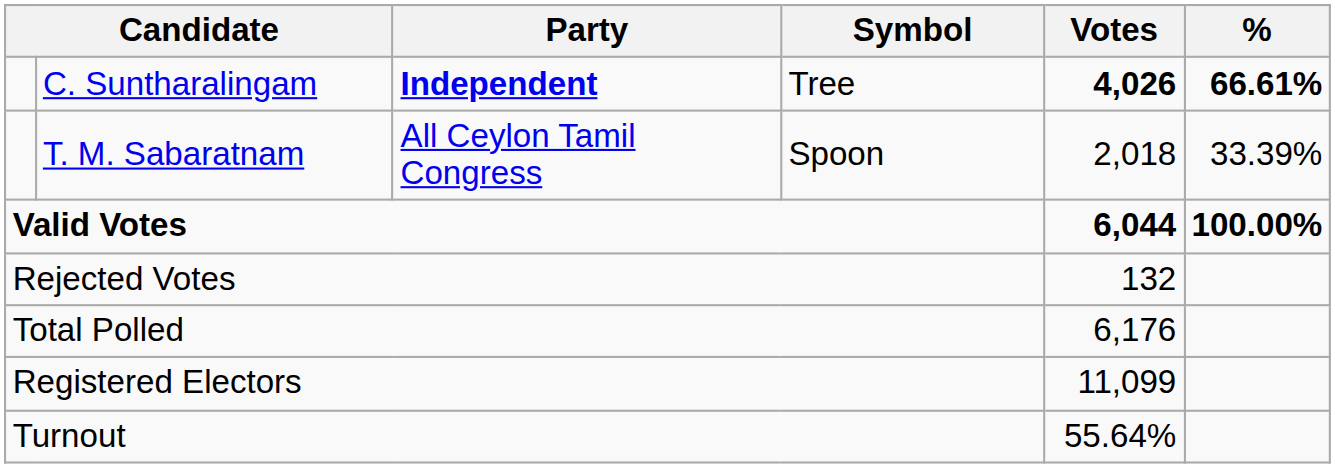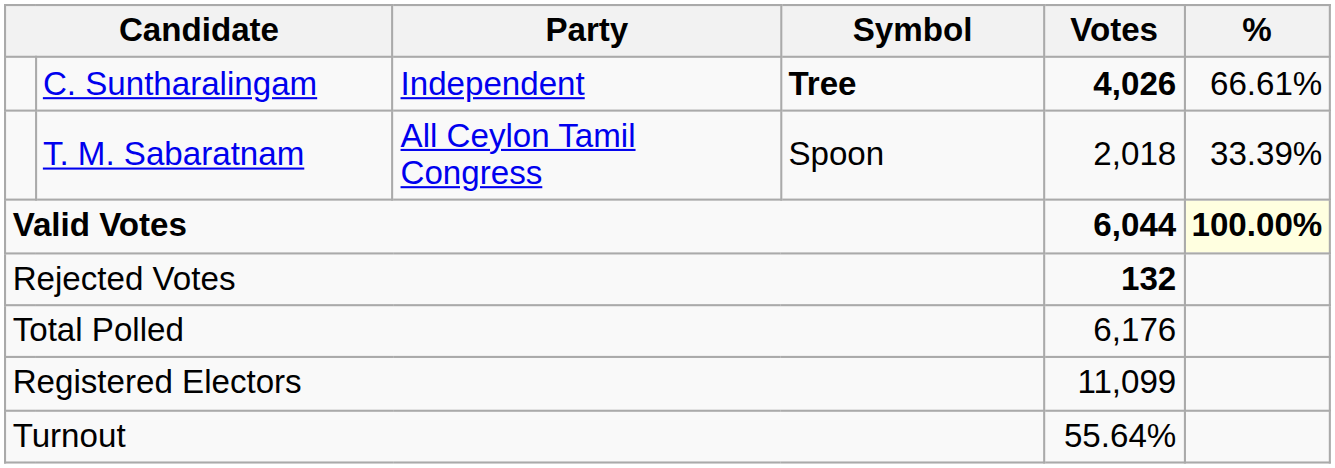 <table class="wikitable" border="1" style="text-align:right;">
 <tr>
 <th align=left colspan=2 width="180">Candidate</th>
 <th align=left width="180">Party</th>
 <th align=left width="120">Symbol</th>
 <th align=left width="60">Votes</th>
 <th align=left width="60">%</th>
 </tr>
 <tr>
 <td></td>
 <td align=left><a href='#'>C. Suntharalingam</a></td>
-<td align=left><strong><a href='#'>Independent</a></strong></td>
-<td align=left>Tree</td>
+<td align=left><a href='#'>Independent</a></td>
+<td align=left><strong>Tree</strong></td>
 <td><strong>4,026</strong></td>
-<td><strong>66.61%</strong></td>
+<td>66.61%</td>
 </tr>
 <tr>
 <td bgcolor=> </td>
 <td align=left><a href='#'>T. M. Sabaratnam</a></td>
 <td align=left><a href='#'>All Ceylon Tamil Congress</a></td>
 <td align=left>Spoon</td>
 <td>2,018</td>
 <td>33.39%</td>
 </tr>
 <tr>
 <td align=left colspan=4><strong>Valid Votes</strong></td>
 <td><strong>6,044</strong></td>
-<td><strong>100.00%</strong></td>
+<td style="background: lightyellow;"><strong>100.00%</strong></td>
 </tr>
 <tr>
 <td align=left colspan=4>Rejected Votes</td>
-<td>132</td>
+<td><strong>132</strong></td>
 <td></td>
 </tr>
 <tr>
 <td align=left colspan=4>Total Polled</td>
 <td>6,176</td>
 <td></td>
 </tr>
 <tr>
 <td align=left colspan=4>Registered Electors</td>
 <td>11,099</td>
 <td></td>
 </tr>
 <tr>
 <td align=left colspan=4>Turnout</td>
 <td>55.64%</td>
 <td></td>
 </tr>
 </table>
